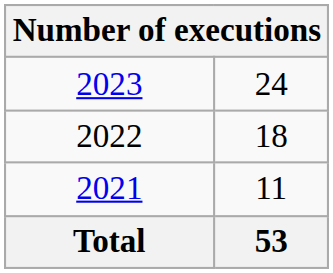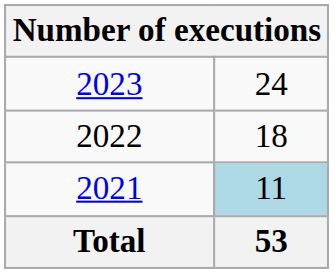 <table class="wikitable" style="text-align:center;">
 <tr>
 <th ! colspan="2">Number of executions</th>
 </tr>
 <tr>
 <td><a href='#'>2023</a></td>
 <td>24</td>
 </tr>
 <tr>
 <td>2022</td>
 <td>18</td>
 </tr>
 <tr>
 <td><a href='#'>2021</a></td>
-<td>11</td>
+<td style="background: lightblue;">11</td>
 </tr>
 <tr>
 <th>Total</th>
 <th>53</th>
 </tr>
 </table>
